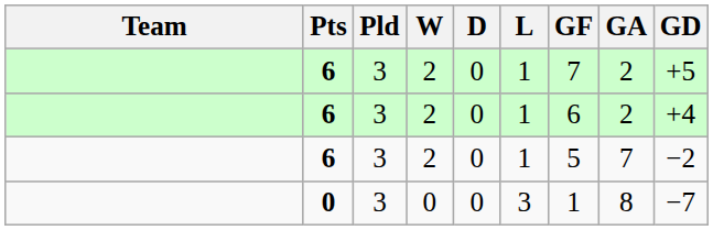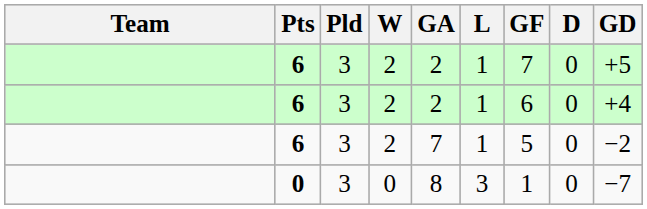 <table class="wikitable" style="text-align: center;">
 <tr>
 <th width=165>Team</th>
 <th width=20>Pts</th>
 <th width=20>Pld</th>
 <th width=20>W</th>
-<th width=20>D</th>
+<th width=20>GA</th>
 <th width=20>L</th>
 <th width=20>GF</th>
-<th width=20>GA</th>
+<th width=20>D</th>
 <th width=20>GD</th>
 </tr>
 <tr style="background:#cfc;">
 <td style="text-align:left;"></td>
 <td><strong>6</strong></td>
 <td>3</td>
 <td>2</td>
-<td>0</td>
+<td>2</td>
 <td>1</td>
 <td>7</td>
-<td>2</td>
+<td>0</td>
 <td>+5</td>
 </tr>
 <tr style="background:#cfc;">
 <td style="text-align:left;"></td>
 <td><strong>6</strong></td>
 <td>3</td>
 <td>2</td>
-<td>0</td>
+<td>2</td>
 <td>1</td>
 <td>6</td>
-<td>2</td>
+<td>0</td>
 <td>+4</td>
 </tr>
 <tr>
 <td style="text-align:left;"></td>
 <td><strong>6</strong></td>
 <td>3</td>
 <td>2</td>
-<td>0</td>
+<td>7</td>
 <td>1</td>
 <td>5</td>
-<td>7</td>
+<td>0</td>
 <td>−2</td>
 </tr>
 <tr>
 <td style="text-align:left;"></td>
 <td><strong>0</strong></td>
 <td>3</td>
 <td>0</td>
-<td>0</td>
+<td>8</td>
 <td>3</td>
 <td>1</td>
-<td>8</td>
+<td>0</td>
 <td>−7</td>
 </tr>
 </table>
